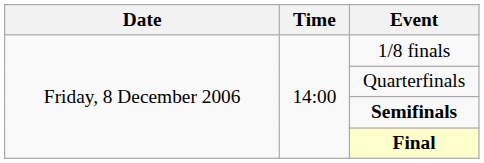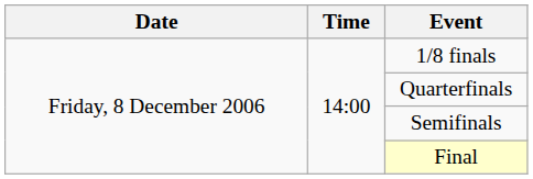 <table class = "wikitable" style="text-align:center;">
 <tr>
 <th width=220>Date</th>
 <th width=50>Time</th>
 <th width=100>Event</th>
 </tr>
 <tr>
 <td rowspan=4>Friday, 8 December 2006</td>
 <td rowspan=4>14:00</td>
 <td>1/8 finals</td>
 </tr>
 <tr>
 <td>Quarterfinals</td>
 </tr>
 <tr>
-<td><strong>Semifinals</strong></td>
+<td>Semifinals</td>
 </tr>
 <tr>
-<td bgcolor=ffffcc><strong>Final</strong></td>
+<td bgcolor=ffffcc>Final</td>
 </tr>
 </table>
